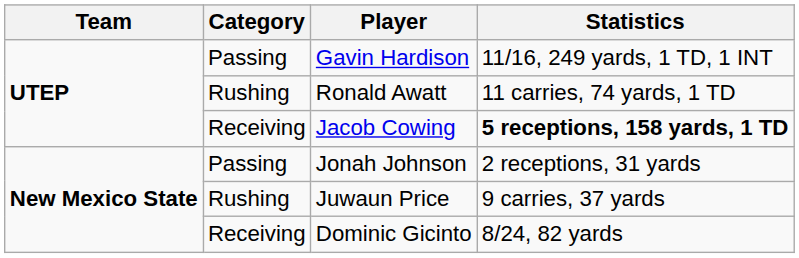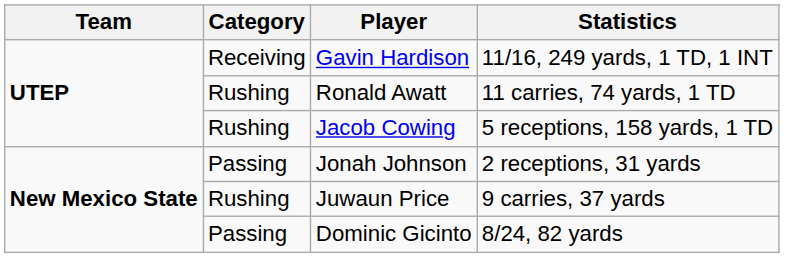 <table class="wikitable" style="float: left;">
 <tr>
 <th>Team</th>
 <th>Category</th>
 <th>Player</th>
 <th>Statistics</th>
 </tr>
 <tr>
 <td rowspan=3><strong>UTEP</strong></td>
-<td>Passing</td>
+<td>Receiving</td>
 <td><a href='#'>Gavin Hardison</a></td>
 <td>11/16, 249 yards, 1 TD, 1 INT</td>
 </tr>
 <tr>
 <td>Rushing</td>
 <td>Ronald Awatt</td>
 <td>11 carries, 74 yards, 1 TD</td>
 </tr>
 <tr>
-<td>Receiving</td>
+<td>Rushing</td>
 <td><a href='#'>Jacob Cowing</a></td>
-<td><strong>5 receptions, 158 yards, 1 TD</strong></td>
+<td>5 receptions, 158 yards, 1 TD</td>
 </tr>
 <tr>
 <td rowspan=3><strong>New Mexico State</strong></td>
 <td>Passing</td>
 <td>Jonah Johnson</td>
 <td>2 receptions, 31 yards</td>
 </tr>
 <tr>
 <td>Rushing</td>
 <td>Juwaun Price</td>
 <td>9 carries, 37 yards</td>
 </tr>
 <tr>
-<td>Receiving</td>
+<td>Passing</td>
 <td>Dominic Gicinto</td>
 <td>8/24, 82 yards</td>
 </tr>
 </table>
